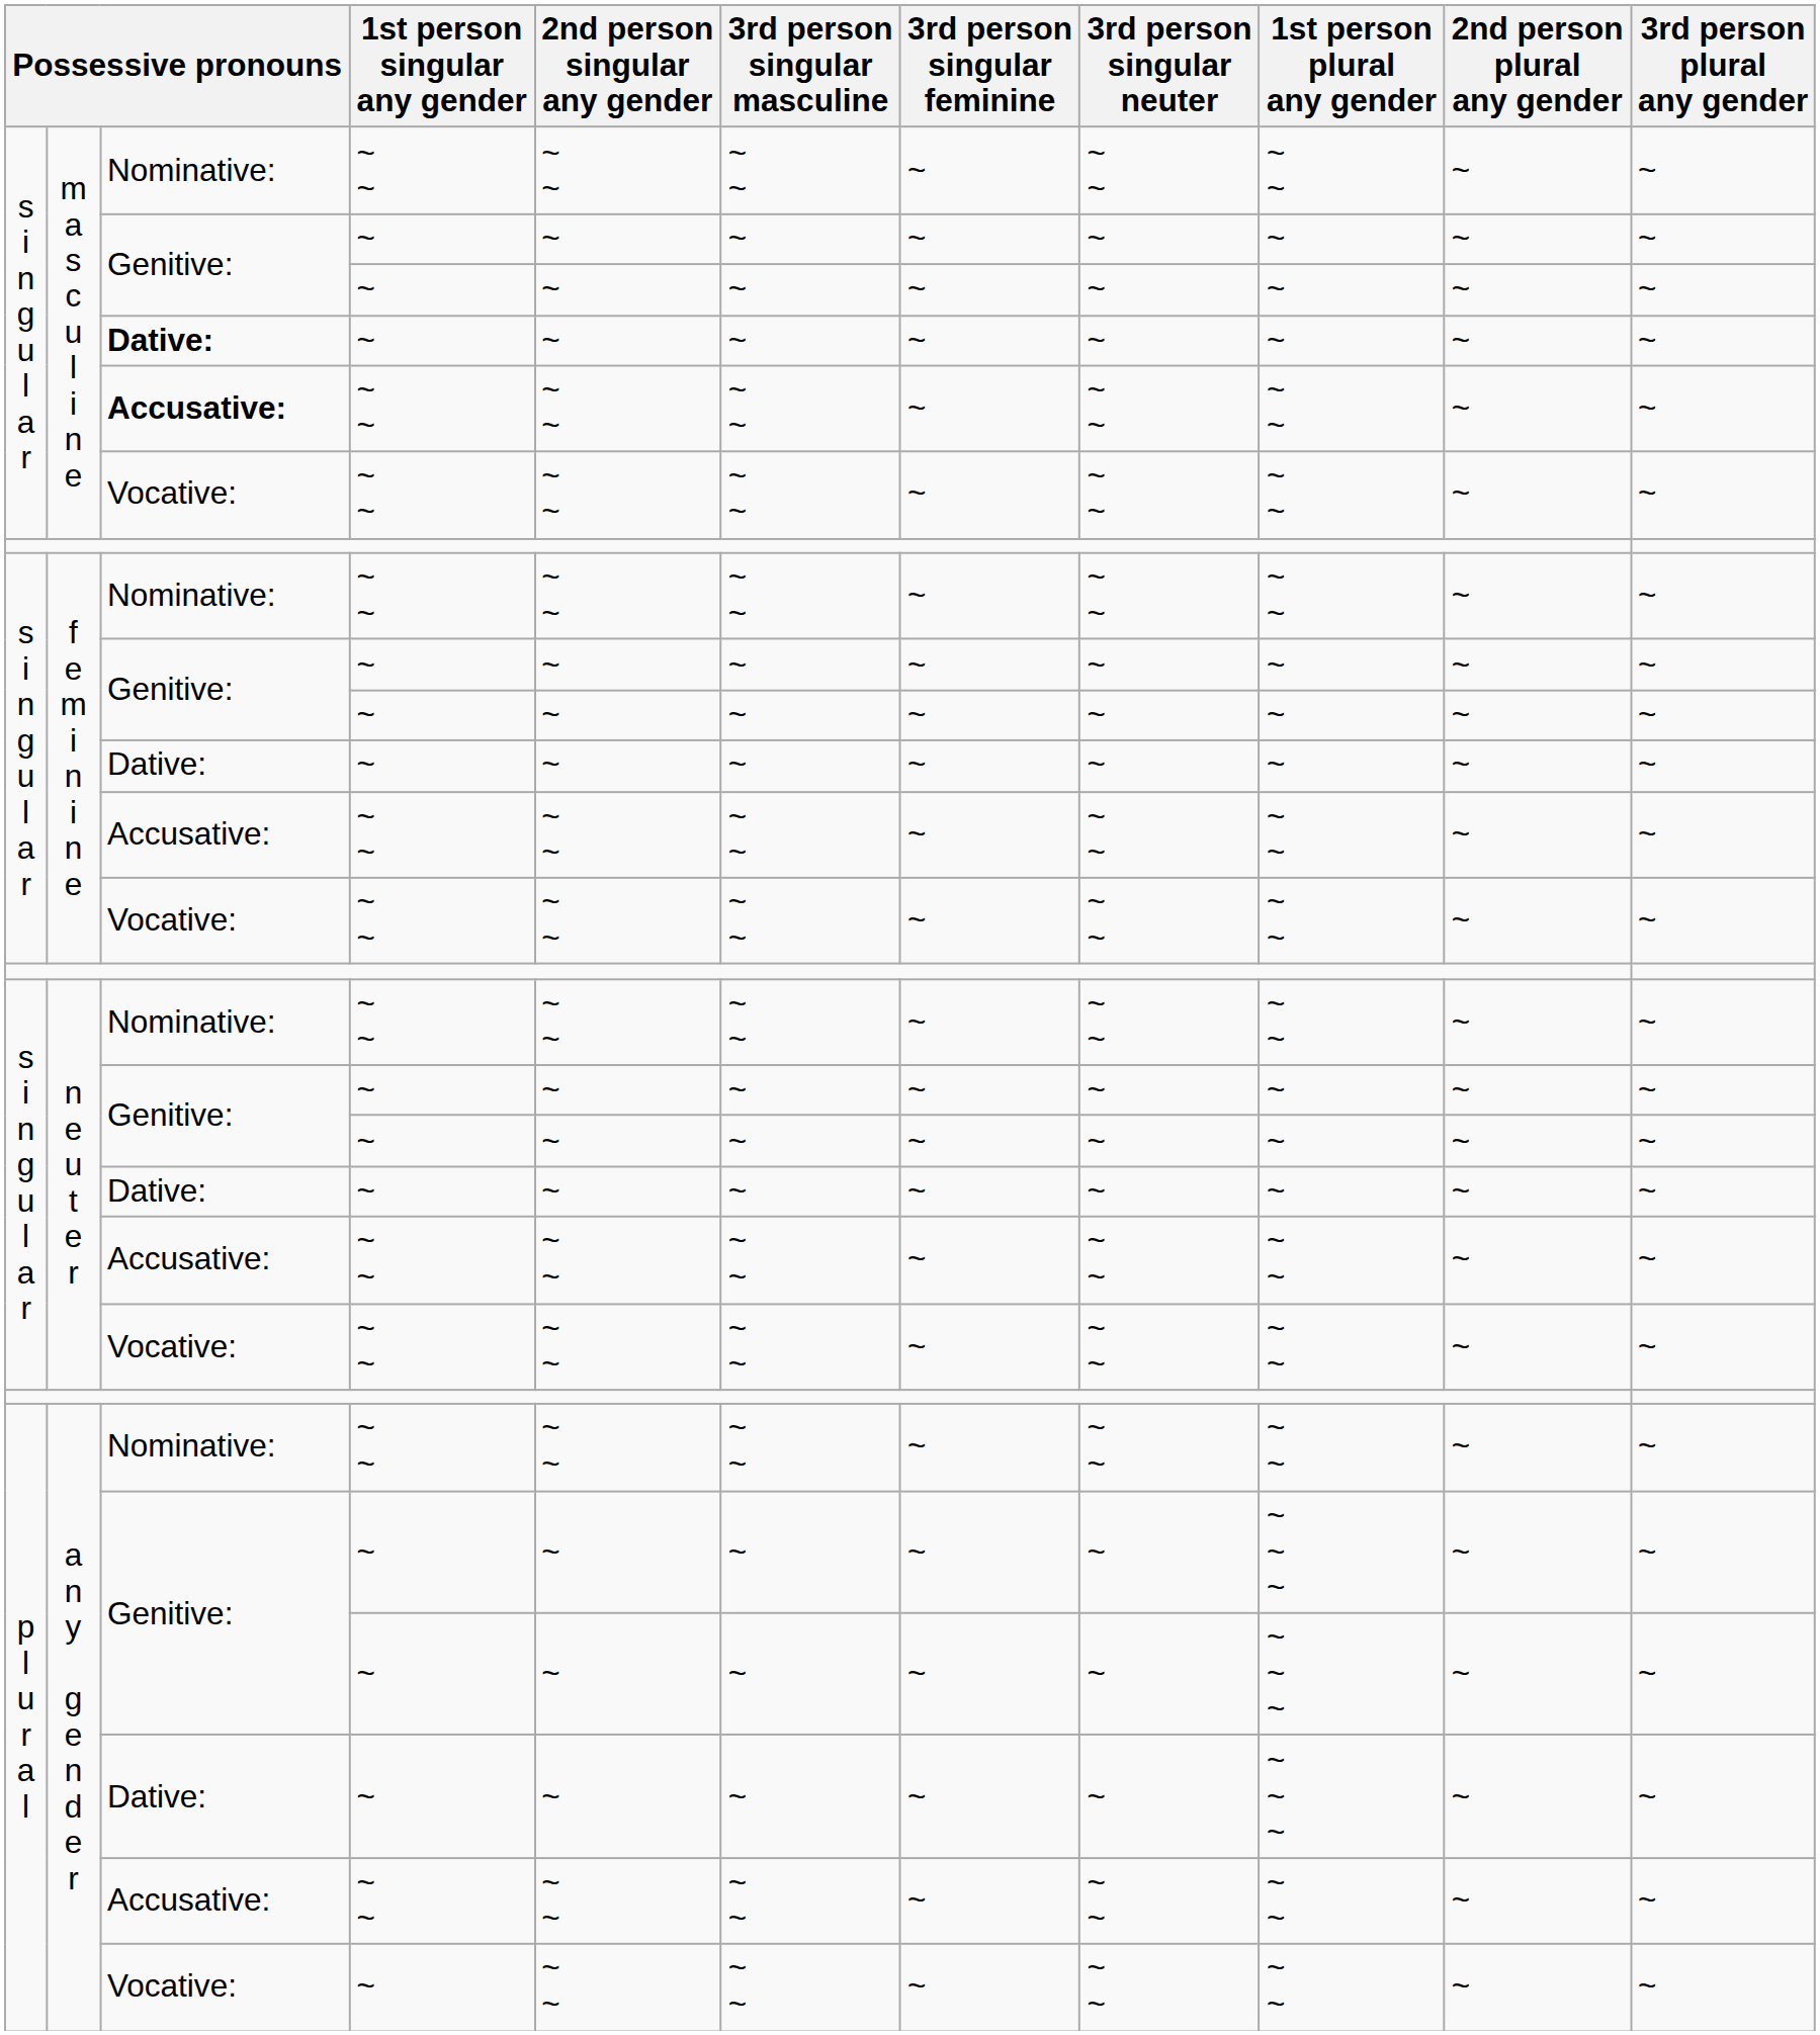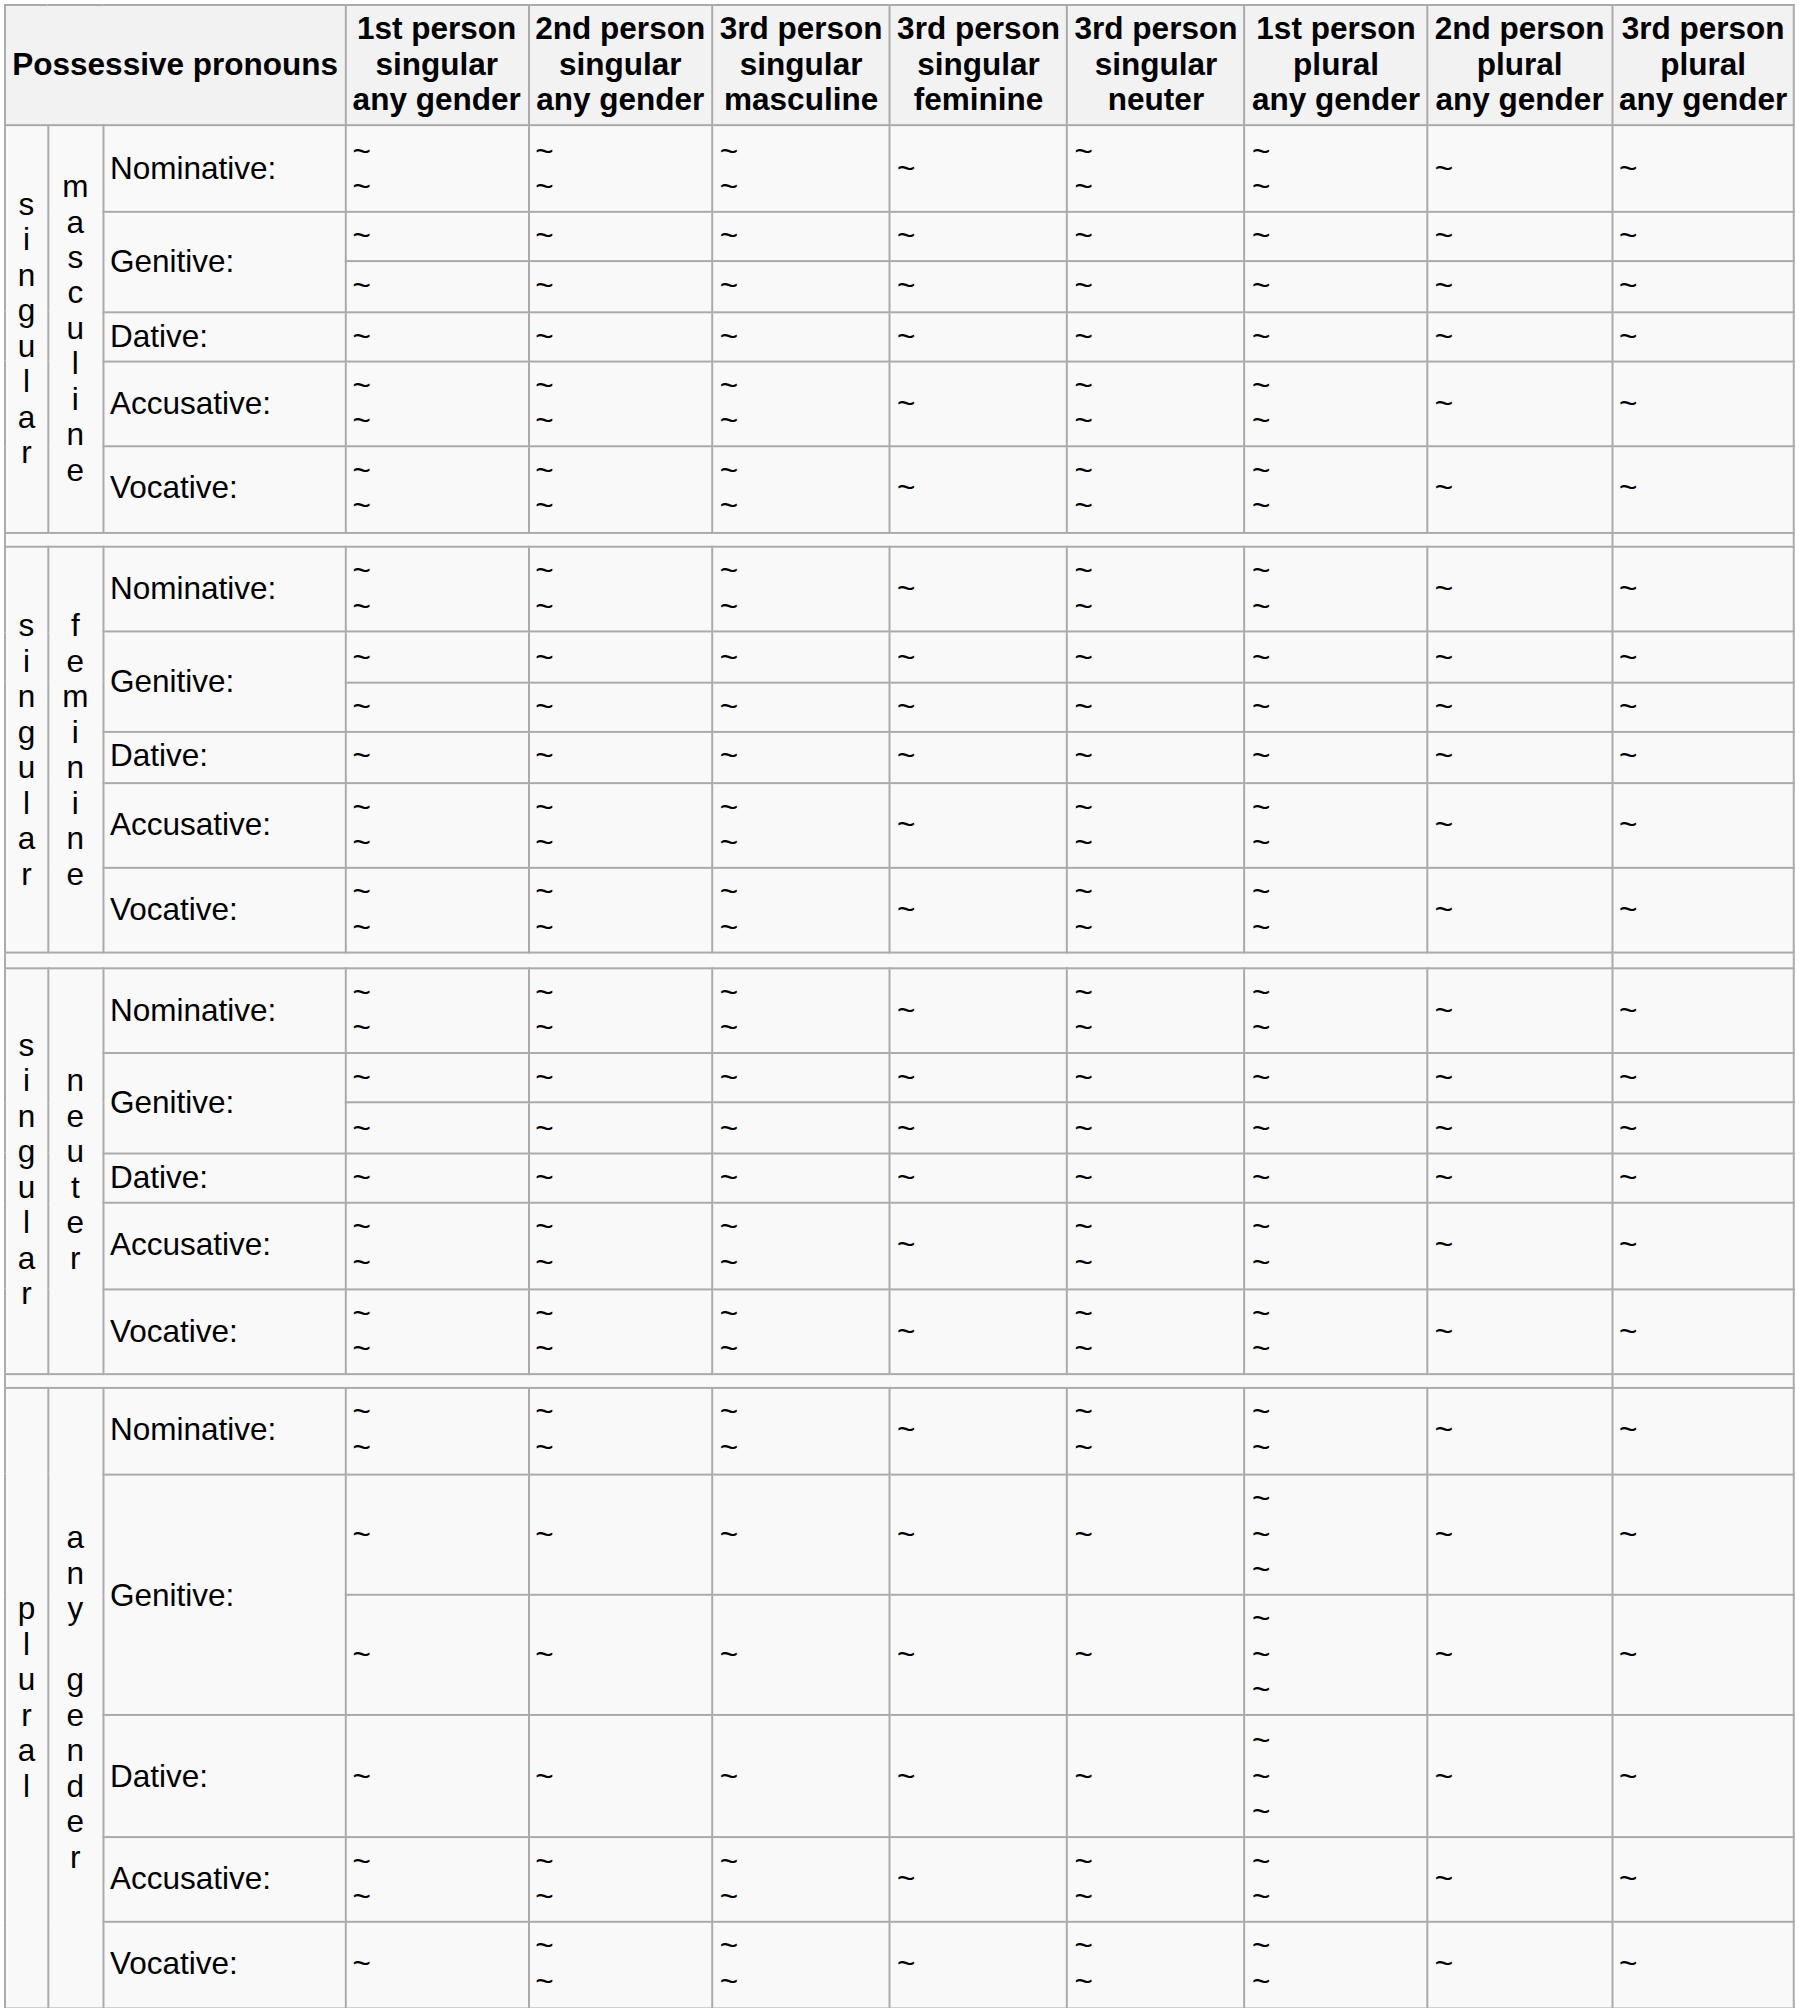 <table class="wikitable">
 <tr>
 <th colspan="3"><strong>Possessive pronouns</strong></th>
 <th>1st person<br>singular<br>any gender</th>
 <th>2nd person<br>singular<br>any gender</th>
 <th>3rd person<br>singular<br>masculine</th>
 <th>3rd person<br>singular<br>feminine</th>
 <th>3rd person<br>singular<br>neuter</th>
 <th>1st person<br>plural<br>any gender</th>
 <th>2nd person<br>plural<br>any gender</th>
 <th>3rd person<br>plural<br>any gender</th>
 </tr>
 <tr>
 <td rowspan="6" align="center" style="text-align:center">s<br>i<br>n<br>g<br>u<br>l<br>a<br>r</td>
 <td rowspan="6" align="center" style="text-align:center">m<br>a<br>s<br>c<br>u<br>l<br>i<br>n<br>e</td>
 <td>Nominative:</td>
 <td><em></em> ~ <br>  <em></em> ~</td>
 <td><em></em> ~ <br> <em></em> ~</td>
 <td><em></em> ~ <br>  <em></em> ~</td>
 <td><em></em> ~</td>
 <td><em></em> ~ <br>  <em></em> ~</td>
 <td><em></em> ~ <br> <em></em> ~</td>
 <td><em></em> ~</td>
 <td><em></em> ~</td>
 </tr>
 <tr>
 <td rowspan="2">Genitive:</td>
 <td><em></em> ~ <em></em></td>
 <td><em></em>~ <em></em></td>
 <td><em></em> ~ <em></em></td>
 <td><em></em> ~ <em></em></td>
 <td><em></em> ~ <em></em></td>
 <td><em></em> ~ <em></em></td>
 <td><em></em> ~ <em></em></td>
 <td><em></em> ~ <em></em></td>
 </tr>
 <tr>
 <td><em></em> ~</td>
 <td><em></em> ~</td>
 <td><em></em> ~</td>
 <td><em></em> ~</td>
 <td><em></em> ~</td>
 <td><em></em> ~</td>
 <td><em></em> ~</td>
 <td><em></em> ~</td>
 </tr>
 <tr>
-<td><strong>Dative:</strong></td>
+<td>Dative:</td>
 <td><em></em> ~</td>
 <td><em></em> ~</td>
 <td><em></em> ~</td>
 <td><em></em> ~</td>
 <td><em></em> ~</td>
 <td><em></em> ~</td>
 <td><em></em> ~</td>
 <td><em></em> ~</td>
 </tr>
 <tr>
-<td><strong>Accusative:</strong></td>
+<td>Accusative:</td>
 <td><em></em> ~ <br>  <em></em> ~</td>
 <td><em></em> ~ <br> <em></em> ~</td>
 <td><em></em> ~ <br>  <em></em> ~</td>
 <td><em></em> ~</td>
 <td><em></em> ~ <br>  <em></em> ~</td>
 <td><em></em> ~ <br> <em></em> ~</td>
 <td><em></em> ~</td>
 <td><em></em> ~</td>
 </tr>
 <tr>
 <td>Vocative:</td>
 <td><em></em> ~ <br>  <em></em> ~</td>
 <td><em></em> ~ <br> <em></em> ~</td>
 <td><em></em> ~ <br>  <em></em> ~</td>
 <td><em></em> ~</td>
 <td><em></em> ~ <br>  <em></em> ~</td>
 <td><em></em> ~ <br> <em></em> ~</td>
 <td><em></em> ~</td>
 <td><em></em> ~</td>
 </tr>
 <tr>
 <td colspan="10" height="0"></td>
 </tr>
 <tr>
 <td rowspan="6" align="center" style="text-align:center">s<br>i<br>n<br>g<br>u<br>l<br>a<br>r</td>
 <td rowspan="6" align="center" style="text-align:center">f<br>e<br>m<br>i<br>n<br>i<br>n<br>e</td>
 <td>Nominative:</td>
 <td><em></em> ~ <br>  <em></em> ~</td>
 <td><em></em> ~ <br> <em></em> ~</td>
 <td><em></em> ~ <br>  <em></em> ~</td>
 <td><em></em> ~</td>
 <td><em></em> ~ <br>  <em></em> ~</td>
 <td><em></em> ~ <br> <em></em> ~</td>
 <td><em></em> ~</td>
 <td><em></em> ~</td>
 </tr>
 <tr>
 <td rowspan="2">Genitive:</td>
 <td><em></em> ~ <em></em></td>
 <td><em></em>~ <em></em></td>
 <td><em></em> ~ <em></em></td>
 <td><em></em> ~ <em></em></td>
 <td><em></em> ~ <em></em></td>
 <td><em></em> ~ <em></em></td>
 <td><em></em> ~ <em></em></td>
 <td><em></em> ~ <em></em></td>
 </tr>
 <tr>
 <td><em></em> ~</td>
 <td><em></em> ~</td>
 <td><em></em> ~</td>
 <td><em></em> ~</td>
 <td><em></em> ~</td>
 <td><em></em> ~</td>
 <td><em></em> ~</td>
 <td><em></em> ~</td>
 </tr>
 <tr>
 <td>Dative:</td>
 <td><em></em> ~</td>
 <td><em></em> ~</td>
 <td><em></em> ~</td>
 <td><em></em> ~</td>
 <td><em></em> ~</td>
 <td><em></em> ~</td>
 <td><em></em> ~</td>
 <td><em></em> ~</td>
 </tr>
 <tr>
 <td>Accusative:</td>
 <td><em></em> ~ <br>  <em></em> ~</td>
 <td><em></em> ~ <br> <em></em> ~</td>
 <td><em></em> ~ <br>  <em></em> ~</td>
 <td><em></em> ~</td>
 <td><em></em> ~ <br>  <em></em> ~</td>
 <td><em></em> ~ <br> <em></em> ~</td>
 <td><em></em> ~</td>
 <td><em></em> ~</td>
 </tr>
 <tr>
 <td>Vocative:</td>
 <td><em></em> ~ <br>  <em></em> ~</td>
 <td><em></em> ~ <br> <em></em> ~</td>
 <td><em></em> ~ <br>  <em></em> ~</td>
 <td><em></em> ~</td>
 <td><em></em> ~ <br>  <em></em> ~</td>
 <td><em></em> ~ <br> <em></em> ~</td>
 <td><em></em> ~</td>
 <td><em></em> ~</td>
 </tr>
 <tr>
 <td colspan="10" height="0"></td>
 </tr>
 <tr>
 <td rowspan="6" align="center" style="text-align:center">s<br>i<br>n<br>g<br>u<br>l<br>a<br>r</td>
 <td rowspan="6" align="center" style="text-align:center">n<br>e<br>u<br>t<br>e<br>r</td>
 <td>Nominative:</td>
 <td><em></em> ~ <br>  <em></em> ~</td>
 <td><em></em> ~ <br> <em></em> ~</td>
 <td><em></em> ~ <br>  <em></em> ~</td>
 <td><em></em> ~</td>
 <td><em></em> ~ <br>  <em></em> ~</td>
 <td><em></em> ~ <br> <em></em> ~</td>
 <td><em></em> ~</td>
 <td><em></em> ~</td>
 </tr>
 <tr>
 <td rowspan="2">Genitive:</td>
 <td><em></em> ~ <em></em></td>
 <td><em></em>~ <em></em></td>
 <td><em></em> ~ <em></em></td>
 <td><em></em> ~ <em></em></td>
 <td><em></em> ~ <em></em></td>
 <td><em></em> ~ <em></em></td>
 <td><em></em> ~ <em></em></td>
 <td><em></em> ~ <em></em></td>
 </tr>
 <tr>
 <td><em></em> ~</td>
 <td><em></em> ~</td>
 <td><em></em> ~</td>
 <td><em></em> ~</td>
 <td><em></em> ~</td>
 <td><em></em> ~</td>
 <td><em></em> ~</td>
 <td><em></em> ~</td>
 </tr>
 <tr>
 <td>Dative:</td>
 <td><em></em> ~</td>
 <td><em></em> ~</td>
 <td><em></em> ~</td>
 <td><em></em> ~</td>
 <td><em></em> ~</td>
 <td><em></em> ~</td>
 <td><em></em> ~</td>
 <td><em></em> ~</td>
 </tr>
 <tr>
 <td>Accusative:</td>
 <td><em></em> ~ <br>  <em></em> ~</td>
 <td><em></em> ~ <br> <em></em> ~</td>
 <td><em></em> ~ <br>  <em></em> ~</td>
 <td><em></em> ~</td>
 <td><em></em> ~ <br>  <em></em> ~</td>
 <td><em></em> ~ <br> <em></em> ~</td>
 <td><em></em> ~</td>
 <td><em></em> ~</td>
 </tr>
 <tr>
 <td>Vocative:</td>
 <td><em></em> ~ <br>  <em></em> ~</td>
 <td><em></em> ~ <br> <em></em> ~</td>
 <td><em></em> ~ <br>  <em></em> ~</td>
 <td><em></em> ~</td>
 <td><em></em> ~ <br>  <em></em> ~</td>
 <td><em></em> ~ <br> <em></em> ~</td>
 <td><em></em> ~</td>
 <td><em></em> ~</td>
 </tr>
 <tr>
 <td colspan="10" height="0"></td>
 </tr>
 <tr>
 <td rowspan="6" align="center" style="text-align:center">p<br>l<br>u<br>r<br>a<br>l</td>
 <td rowspan="6" align="center" style="text-align:center">a<br>n<br>y<br> <br>g<br>e<br>n<br>d<br>e<br>r</td>
 <td>Nominative:</td>
 <td><em></em> ~ <br>  <em></em> ~</td>
 <td><em></em> ~ <br> <em></em> ~</td>
 <td><em></em> ~ <br>  <em></em> ~</td>
 <td><em></em> ~</td>
 <td><em></em> ~ <br>  <em></em> ~</td>
 <td><em></em> ~ <br> <em></em> ~</td>
 <td><em></em> ~</td>
 <td><em></em> ~</td>
 </tr>
 <tr>
 <td rowspan="2">Genitive:</td>
 <td><em></em> ~ <em></em></td>
 <td><em></em>~ <em></em></td>
 <td><em></em> ~ <em></em></td>
 <td><em></em> ~ <em></em></td>
 <td><em></em> ~ <em></em></td>
 <td><em></em> ~ <em></em> <br>  <em></em> ~ <em></em> <br> <em></em> ~ <em></em></td>
 <td><em></em> ~ <em></em></td>
 <td><em></em> ~ <em></em></td>
 </tr>
 <tr>
 <td><em></em> ~</td>
 <td><em></em> ~</td>
 <td><em></em> ~</td>
 <td><em></em> ~</td>
 <td><em></em> ~</td>
 <td><em></em> ~ <br> <em></em> ~ <br> <em></em> ~</td>
 <td><em></em> ~</td>
 <td><em></em> ~</td>
 </tr>
 <tr>
 <td>Dative:</td>
 <td><em></em> ~</td>
 <td><em></em> ~</td>
 <td><em></em> ~</td>
 <td><em></em> ~</td>
 <td><em></em> ~</td>
 <td><em></em> ~ <br> <em></em> ~ <br> <em></em> ~</td>
 <td><em></em> ~</td>
 <td><em></em> ~</td>
 </tr>
 <tr>
 <td>Accusative:</td>
 <td><em></em> ~ <br>  <em></em> ~</td>
 <td><em></em> ~ <br> <em></em> ~</td>
 <td><em></em> ~ <br>  <em></em> ~</td>
 <td><em></em> ~</td>
 <td><em></em> ~ <br>  <em></em> ~</td>
 <td><em></em> ~ <br> <em></em> ~</td>
 <td><em></em> ~</td>
 <td><em></em> ~</td>
 </tr>
 <tr>
 <td>Vocative:</td>
 <td><em></em> ~</td>
 <td><em></em> ~ <br> <em></em> ~</td>
 <td><em></em> ~ <br>  <em></em> ~</td>
 <td><em></em> ~</td>
 <td><em></em> ~ <br>  <em></em> ~</td>
 <td><em></em> ~ <br> <em></em> ~</td>
 <td><em></em> ~</td>
 <td><em></em> ~</td>
 </tr>
 </table>
